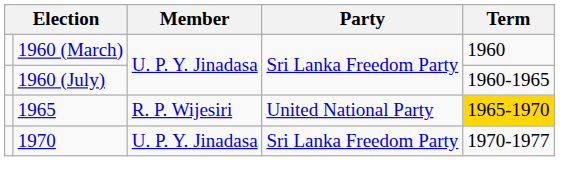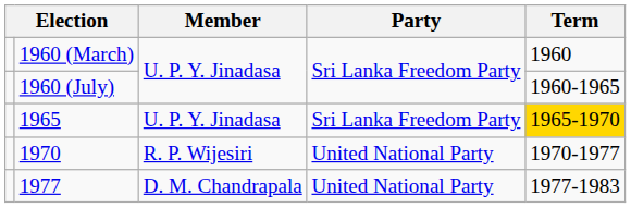 <table class="wikitable">
 <tr>
 <th colspan="2">Election</th>
 <th>Member</th>
 <th>Party</th>
 <th>Term</th>
 </tr>
 <tr>
 <td style="background-color: "></td>
 <td><a href='#'>1960 (March)</a></td>
 <td rowspan="2"><a href='#'>U. P. Y. Jinadasa</a></td>
 <td rowspan="2"><a href='#'>Sri Lanka Freedom Party</a></td>
 <td>1960</td>
 </tr>
 <tr>
 <td style="background-color: "></td>
 <td><a href='#'>1960 (July)</a></td>
 <td>1960-1965</td>
 </tr>
 <tr>
 <td style="background-color: "></td>
 <td><a href='#'>1965</a></td>
-<td><a href='#'>R. P. Wijesiri</a></td>
-<td><a href='#'>United National Party</a></td>
+<td><a href='#'>U. P. Y. Jinadasa</a></td>
+<td><a href='#'>Sri Lanka Freedom Party</a></td>
 <td style="background: gold;">1965-1970</td>
 </tr>
 <tr>
 <td style="background-color: "></td>
 <td><a href='#'>1970</a></td>
-<td><a href='#'>U. P. Y. Jinadasa</a></td>
-<td><a href='#'>Sri Lanka Freedom Party</a></td>
+<td><a href='#'>R. P. Wijesiri</a></td>
+<td><a href='#'>United National Party</a></td>
 <td>1970-1977</td>
 </tr>
+<tr>
+<td style="background-color: "></td>
+<td><a href='#'>1977</a></td>
+<td><a href='#'>D. M. Chandrapala</a></td>
+<td><a href='#'>United National Party</a></td>
+<td>1977-1983</td>
+</tr>
 </table>
